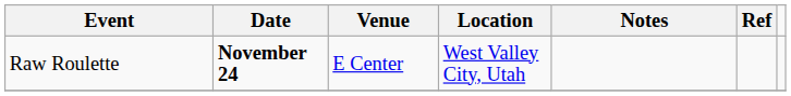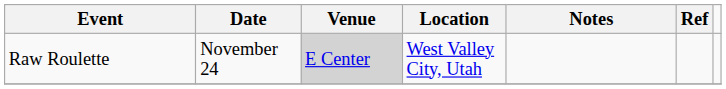 <table class="wikitable plainrowheaders sortable" style="width:100%;">
 <tr>
 <th style="width:29%;">Event</th>
 <th style="width:15%;">Date</th>
 <th style="width:15%;">Venue</th>
 <th style="width:15%;">Location</th>
 <th style="width:99%;">Notes</th>
 <th style="width:99%;">Ref</th>
 </tr>
 <tr>
 <td>Raw Roulette</td>
-<td><strong>November 24</strong></td>
-<td><a href='#'>E Center</a></td>
+<td>November 24</td>
+<td style="background: lightgrey;"><a href='#'>E Center</a></td>
 <td><a href='#'>West Valley City, Utah</a></td>
 <td></td>
 <td></td>
 <td></td>
 </tr>
 <tr>
 </tr>
 </table>
